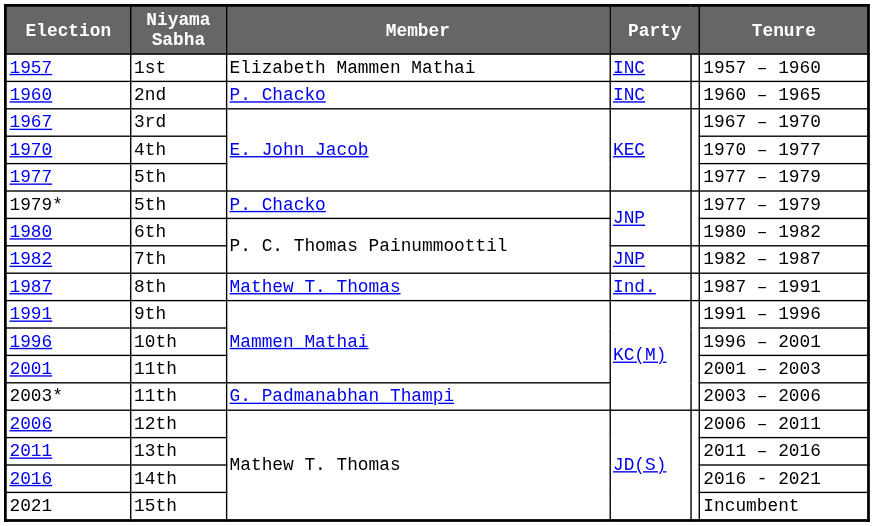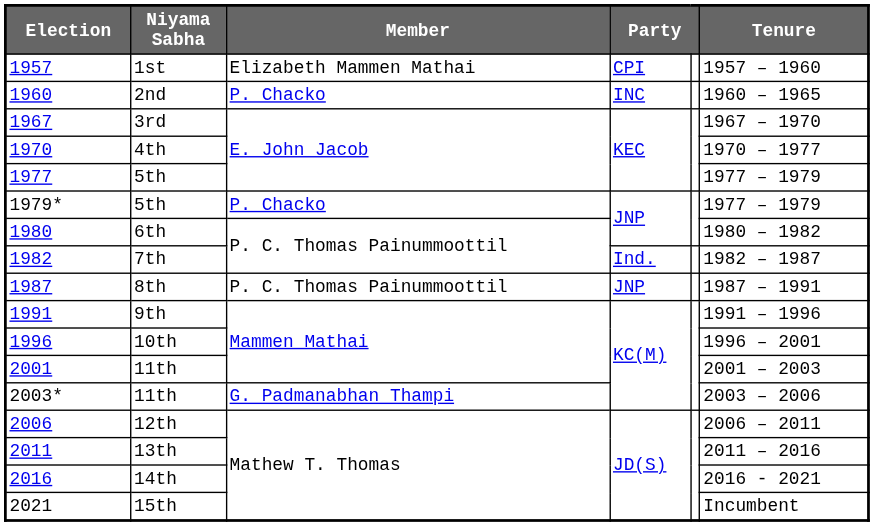 <table class="sortable" width="50%" cellpadding="2" cellspacing="0" border="1" style="border-collapse: collapse; border: 2px #000000 solid; font-size: x-big;">
 <tr>
 <th style="background-color:#666666; color:white">Election</th>
 <th style="background-color:#666666; color:white">Niyama<br>Sabha</th>
 <th style="background-color:#666666; color:white">Member</th>
 <th colspan="2" style="background-color:#666666; color:white">Party</th>
 <th style="background-color:#666666; color:white">Tenure</th>
 </tr>
 <tr>
 <td><a href='#'>1957</a></td>
 <td>1st</td>
 <td>Elizabeth Mammen Mathai</td>
-<td><a href='#'>INC</a></td>
+<td><a href='#'>CPI</a></td>
 <td style="background-color: "></td>
 <td>1957 – 1960</td>
 </tr>
 <tr>
 <td><a href='#'>1960</a></td>
 <td>2nd</td>
 <td><a href='#'>P. Chacko</a></td>
 <td><a href='#'>INC</a></td>
 <td style="background-color: "></td>
 <td>1960 – 1965</td>
 </tr>
 <tr>
 <td><a href='#'>1967</a></td>
 <td>3rd</td>
 <td rowspan="3"><a href='#'>E. John Jacob</a></td>
 <td rowspan="3"><a href='#'>KEC</a></td>
 <td rowspan="3" style="background-color: "></td>
 <td>1967 – 1970</td>
 </tr>
 <tr>
 <td><a href='#'>1970</a></td>
 <td>4th</td>
 <td>1970 – 1977</td>
 </tr>
 <tr>
 <td><a href='#'>1977</a></td>
 <td>5th</td>
 <td>1977 – 1979</td>
 </tr>
 <tr>
 <td>1979*</td>
 <td>5th</td>
 <td><a href='#'>P. Chacko</a></td>
 <td rowspan="2"><a href='#'>JNP</a></td>
 <td rowspan="2" style="background-color: "></td>
 <td>1977 – 1979</td>
 </tr>
 <tr>
 <td><a href='#'>1980</a></td>
 <td>6th</td>
 <td rowspan="2">P. C. Thomas Painummoottil</td>
 <td>1980 – 1982</td>
 </tr>
 <tr>
 <td><a href='#'>1982</a></td>
 <td>7th</td>
-<td><a href='#'>JNP</a></td>
+<td><a href='#'>Ind.</a></td>
 <td style="background-color: "></td>
 <td>1982 – 1987</td>
 </tr>
 <tr>
 <td><a href='#'>1987</a></td>
 <td>8th</td>
-<td><a href='#'>Mathew T. Thomas</a></td>
-<td><a href='#'>Ind.</a></td>
+<td>P. C. Thomas Painummoottil</td>
+<td><a href='#'>JNP</a></td>
 <td style="background-color: "></td>
 <td>1987 – 1991</td>
 </tr>
 <tr>
 <td><a href='#'>1991</a></td>
 <td>9th</td>
 <td rowspan="3"><a href='#'>Mammen Mathai</a></td>
 <td rowspan="4"><a href='#'>KC(M)</a></td>
 <td rowspan="4" style="background-color: "></td>
 <td>1991 – 1996</td>
 </tr>
 <tr>
 <td><a href='#'>1996</a></td>
 <td>10th</td>
 <td>1996 – 2001</td>
 </tr>
 <tr>
 <td><a href='#'>2001</a></td>
 <td>11th</td>
 <td>2001 – 2003</td>
 </tr>
 <tr>
 <td>2003*</td>
 <td>11th</td>
 <td><a href='#'>G. Padmanabhan Thampi</a></td>
 <td>2003 – 2006</td>
 </tr>
 <tr>
 <td><a href='#'>2006</a></td>
 <td>12th</td>
 <td rowspan="4">Mathew T. Thomas</td>
 <td rowspan="4"><a href='#'>JD(S)</a></td>
 <td rowspan="4" style="background-color: "></td>
 <td>2006 – 2011</td>
 </tr>
 <tr>
 <td><a href='#'>2011</a></td>
 <td>13th</td>
 <td>2011 – 2016</td>
 </tr>
 <tr>
 <td><a href='#'>2016</a></td>
 <td>14th</td>
 <td>2016 - 2021</td>
 </tr>
 <tr>
 <td>2021</td>
 <td>15th</td>
 <td>Incumbent</td>
 </tr>
 </table>
